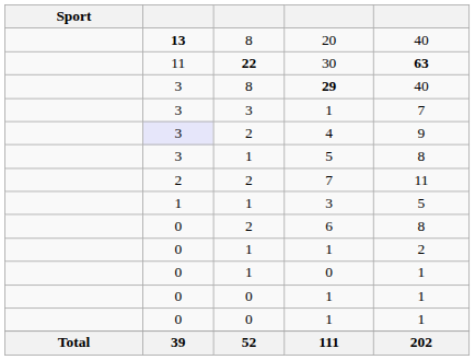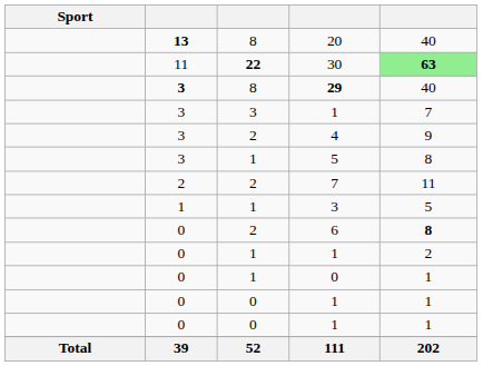 <table class="wikitable" width=40% style="font-size:100%; text-align:center;">
 <tr>
 <th>Sport</th>
 <th></th>
 <th></th>
 <th></th>
 <th></th>
 </tr>
 <tr>
 <td align=left></td>
 <td><strong>13</strong></td>
 <td>8</td>
 <td>20</td>
 <td>40</td>
 </tr>
 <tr>
 <td align=left></td>
 <td>11</td>
 <td><strong>22</strong></td>
 <td>30</td>
-<td><strong>63</strong></td>
+<td style="background: lightgreen;"><strong>63</strong></td>
 </tr>
 <tr>
 <td align=left></td>
-<td>3</td>
+<td><strong>3</strong></td>
 <td>8</td>
 <td><strong>29</strong></td>
 <td>40</td>
 </tr>
 <tr>
 <td align=left></td>
 <td>3</td>
 <td>3</td>
 <td>1</td>
 <td>7</td>
 </tr>
 <tr>
 <td align=left></td>
-<td style="background: lavender;">3</td>
+<td>3</td>
 <td>2</td>
 <td>4</td>
 <td>9</td>
 </tr>
 <tr>
 <td align=left></td>
 <td>3</td>
 <td>1</td>
 <td>5</td>
 <td>8</td>
 </tr>
 <tr>
 <td align=left></td>
 <td>2</td>
 <td>2</td>
 <td>7</td>
 <td>11</td>
 </tr>
 <tr>
 <td align=left></td>
 <td>1</td>
 <td>1</td>
 <td>3</td>
 <td>5</td>
 </tr>
 <tr>
 <td align=left></td>
 <td>0</td>
 <td>2</td>
 <td>6</td>
-<td>8</td>
+<td><strong>8</strong></td>
 </tr>
 <tr>
 <td align=left></td>
 <td>0</td>
 <td>1</td>
 <td>1</td>
 <td>2</td>
 </tr>
 <tr>
 <td align=left></td>
 <td>0</td>
 <td>1</td>
 <td>0</td>
 <td>1</td>
 </tr>
 <tr>
 <td align=left></td>
 <td>0</td>
 <td>0</td>
 <td>1</td>
 <td>1</td>
 </tr>
 <tr>
 <td align=left></td>
 <td>0</td>
 <td>0</td>
 <td>1</td>
 <td>1</td>
 </tr>
 <tr>
 </tr>
 <tr>
 <th>Total</th>
 <th>39</th>
 <th>52</th>
 <th>111</th>
 <th>202</th>
 </tr>
 </table>
